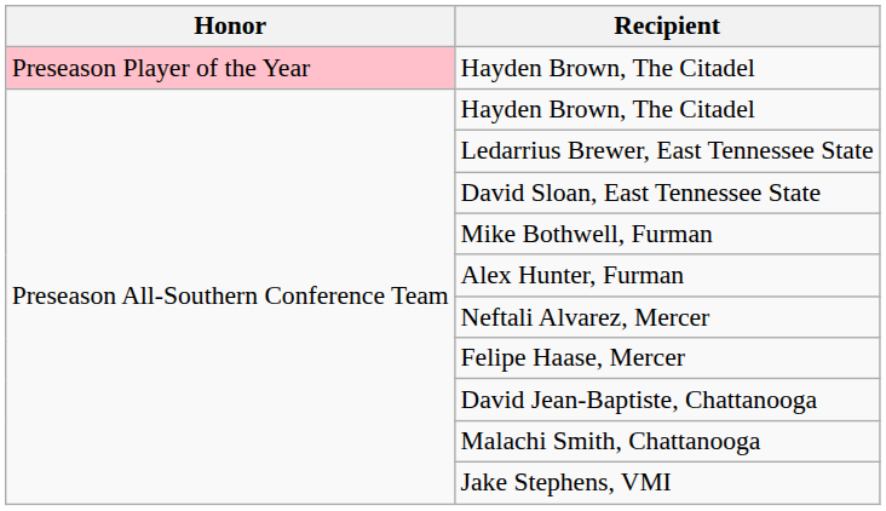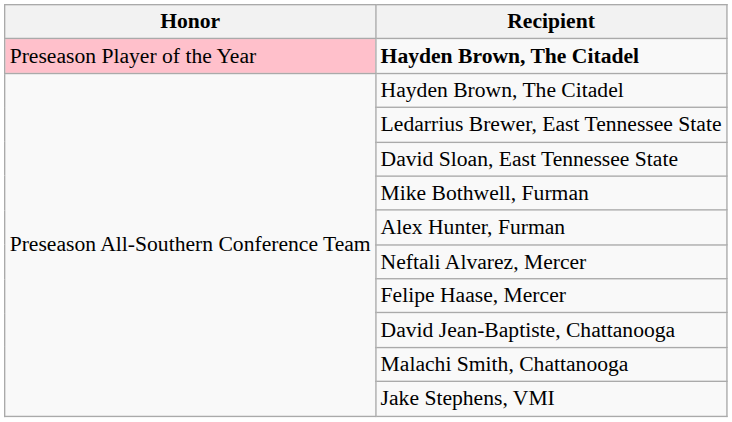 <table class="wikitable" border="1">
 <tr>
 <th>Honor</th>
 <th>Recipient</th>
 </tr>
 <tr>
 <td style="background: pink;">Preseason Player of the Year</td>
-<td>Hayden Brown, The Citadel</td>
+<td><strong>Hayden Brown, The Citadel</strong></td>
 </tr>
 <tr>
 <td rowspan="10" valign="middle">Preseason All-Southern Conference Team</td>
 <td>Hayden Brown, The Citadel</td>
 </tr>
 <tr>
 <td>Ledarrius Brewer, East Tennessee State</td>
 </tr>
 <tr>
 <td>David Sloan, East Tennessee State</td>
 </tr>
 <tr>
 <td>Mike Bothwell, Furman</td>
 </tr>
 <tr>
 <td>Alex Hunter, Furman</td>
 </tr>
 <tr>
 <td>Neftali Alvarez, Mercer</td>
 </tr>
 <tr>
 <td>Felipe Haase, Mercer</td>
 </tr>
 <tr>
 <td>David Jean-Baptiste, Chattanooga</td>
 </tr>
 <tr>
 <td>Malachi Smith, Chattanooga</td>
 </tr>
 <tr>
 <td>Jake Stephens, VMI</td>
 </tr>
 </table>
